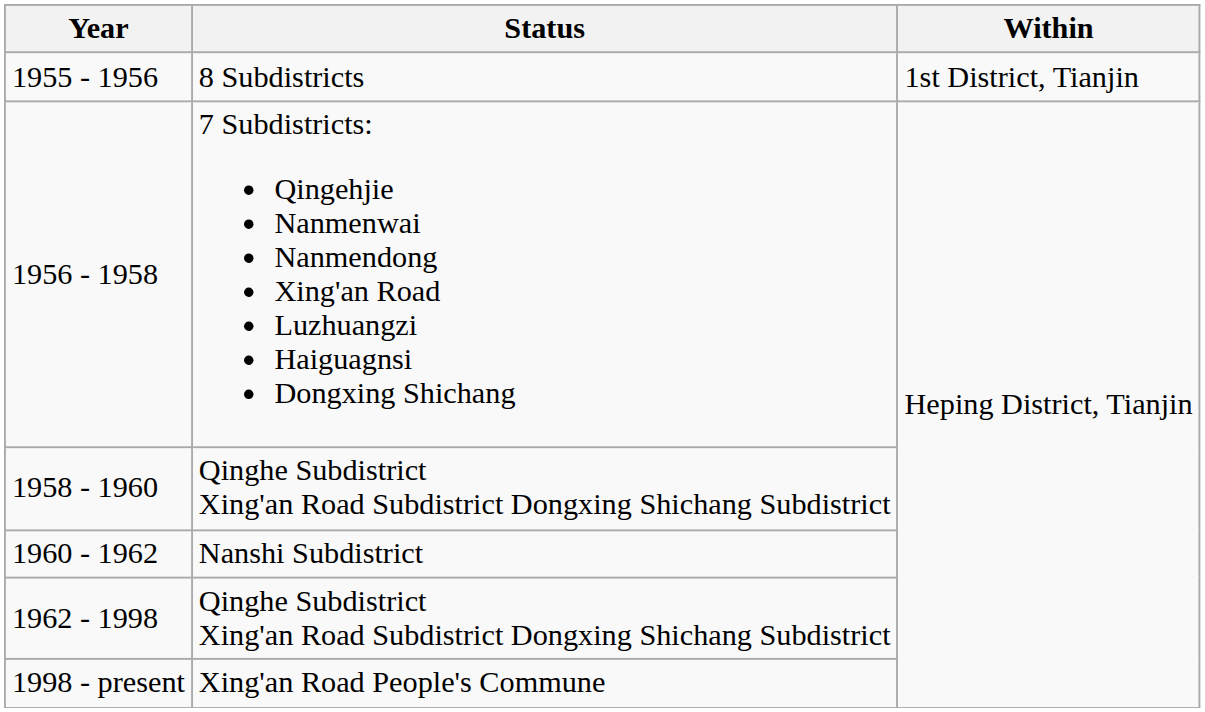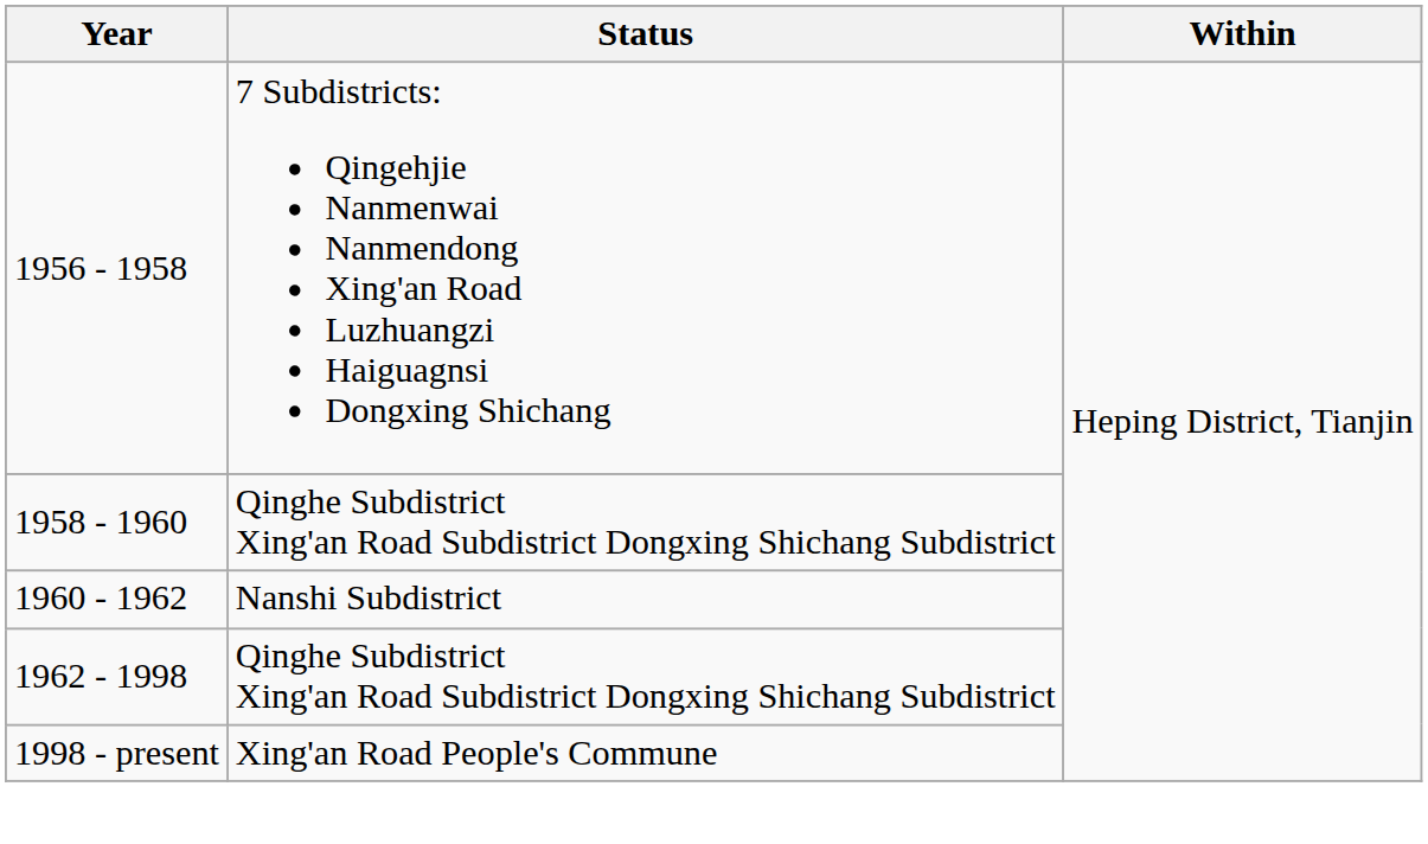 <table class="wikitable">
 <tr>
 <th>Year</th>
 <th>Status</th>
 <th>Within</th>
-</tr>
-<tr>
-<td>1955 - 1956</td>
-<td>8 Subdistricts</td>
-<td>1st District, Tianjin</td>
 </tr>
 <tr>
 <td>1956 - 1958</td>
 <td>7 Subdistricts:<br><ul><li>Qingehjie</li><li>Nanmenwai</li><li>Nanmendong</li><li>Xing'an Road</li><li>Luzhuangzi</li><li>Haiguagnsi</li><li>Dongxing Shichang</li></ul></td>
 <td rowspan="5">Heping District, Tianjin</td>
 </tr>
 <tr>
 <td>1958 - 1960</td>
 <td>Qinghe Subdistrict<br>Xing'an Road Subdistrict Dongxing Shichang Subdistrict</td>
 </tr>
 <tr>
 <td>1960 - 1962</td>
 <td>Nanshi Subdistrict</td>
 </tr>
 <tr>
 <td>1962 - 1998</td>
 <td>Qinghe Subdistrict<br>Xing'an Road Subdistrict Dongxing Shichang Subdistrict</td>
 </tr>
 <tr>
 <td>1998 - present</td>
 <td>Xing'an Road People's Commune</td>
 </tr>
 </table>
